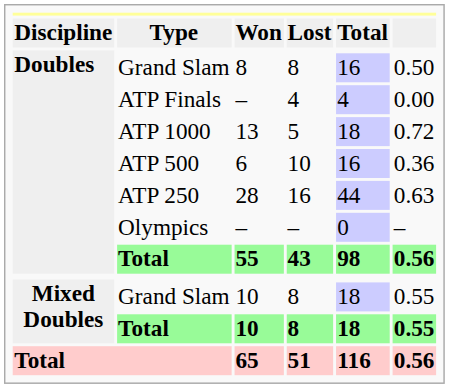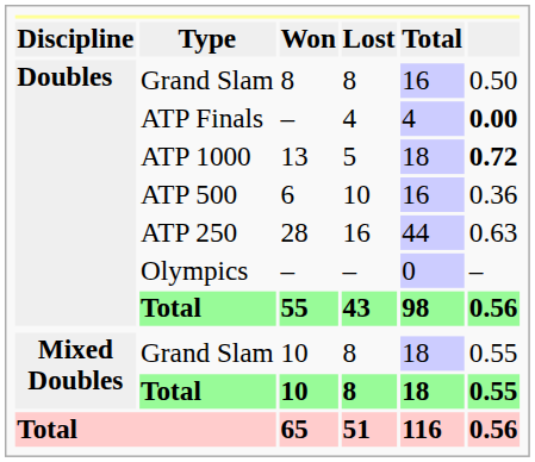 <table class="infobox vcard vevent nowrap">
 <tr bgcolor=FFFF99>
 <th colspan=6></th>
 </tr>
 <tr bgcolor=efefef>
 <th>Discipline</th>
 <th>Type</th>
 <th>Won</th>
 <th>Lost</th>
 <th>Total</th>
 <th></th>
 </tr>
 <tr bgcolor=efefef>
 <td rowspan="8"><strong>Doubles</strong></td>
 </tr>
 <tr>
 <td>Grand Slam</td>
 <td>8</td>
 <td>8</td>
 <td bgcolor=CCCCFF>16</td>
 <td>0.50</td>
 </tr>
 <tr>
 <td>ATP Finals</td>
 <td>–</td>
 <td>4</td>
 <td bgcolor=CCCCFF>4</td>
-<td>0.00</td>
+<td><strong>0.00</strong></td>
 </tr>
 <tr>
 <td>ATP 1000</td>
 <td>13</td>
 <td>5</td>
 <td bgcolor=CCCCFF>18</td>
-<td>0.72</td>
+<td><strong>0.72</strong></td>
 </tr>
 <tr>
 <td>ATP 500</td>
 <td>6</td>
 <td>10</td>
 <td bgcolor=CCCCFF>16</td>
 <td>0.36</td>
 </tr>
 <tr>
 <td>ATP 250</td>
 <td>28</td>
 <td>16</td>
 <td bgcolor=CCCCFF>44</td>
 <td>0.63</td>
 </tr>
 <tr>
 <td>Olympics</td>
 <td>–</td>
 <td>–</td>
 <td bgcolor=CCCCFF>0</td>
 <td>–</td>
 </tr>
 <tr bgcolor=98fb98>
 <td><strong>Total</strong></td>
 <td><strong>55</strong></td>
 <td><strong>43</strong></td>
 <td><strong>98</strong></td>
 <td><strong>0.56</strong></td>
 </tr>
 <tr>
 </tr>
 <tr bgcolor=efefef>
 <th rowspan="3">Mixed<br>Doubles</th>
 </tr>
 <tr>
 <td>Grand Slam</td>
 <td>10</td>
 <td>8</td>
 <td bgcolor=CCCCFF>18</td>
 <td>0.55</td>
 </tr>
 <tr bgcolor=98FB98>
 <td><strong>Total</strong></td>
 <td><strong>10</strong></td>
 <td><strong>8</strong></td>
 <td><strong>18</strong></td>
 <td><strong>0.55</strong></td>
 </tr>
 <tr bgcolor=FFCCCC>
 <td colspan=2><strong>Total</strong></td>
 <td><strong>65</strong></td>
 <td><strong>51</strong></td>
 <td><strong>116</strong></td>
 <td><strong>0.56</strong></td>
 </tr>
 </table>
